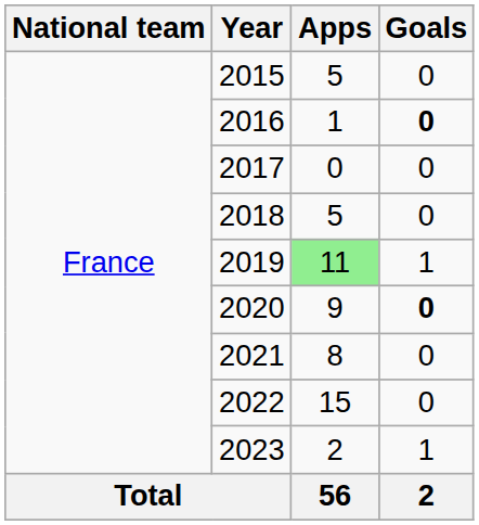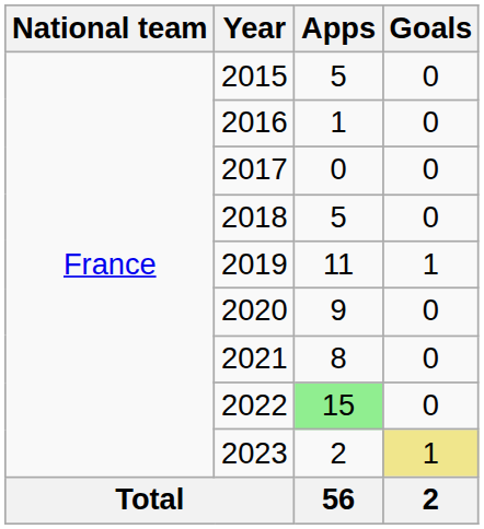 <table class="wikitable" style="text-align:center">
 <tr>
 <th>National team</th>
 <th>Year</th>
 <th>Apps</th>
 <th>Goals</th>
 </tr>
 <tr>
 <td rowspan=9><a href='#'>France</a></td>
 <td>2015</td>
 <td>5</td>
 <td>0</td>
 </tr>
 <tr>
 <td>2016</td>
 <td>1</td>
-<td><strong>0</strong></td>
+<td>0</td>
 </tr>
 <tr>
 <td>2017</td>
 <td>0</td>
 <td>0</td>
 </tr>
 <tr>
 <td>2018</td>
 <td>5</td>
 <td>0</td>
 </tr>
 <tr>
 <td>2019</td>
-<td style="background: lightgreen;">11</td>
+<td>11</td>
 <td>1</td>
 </tr>
 <tr>
 <td>2020</td>
 <td>9</td>
-<td><strong>0</strong></td>
+<td>0</td>
 </tr>
 <tr>
 <td>2021</td>
 <td>8</td>
 <td>0</td>
 </tr>
 <tr>
 <td>2022</td>
-<td>15</td>
+<td style="background: lightgreen;">15</td>
 <td>0</td>
 </tr>
 <tr>
 <td>2023</td>
 <td>2</td>
-<td>1</td>
+<td style="background: khaki;">1</td>
 </tr>
 <tr>
 <th colspan=2>Total</th>
 <th>56</th>
 <th>2</th>
 </tr>
 </table>
